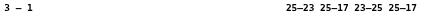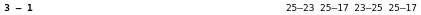 <table width=100% cellspacing=1>
 <tr>
 <th width=20%></th>
 <th width=12%></th>
 <th width=20%></th>
 <th width=33%></th>
 <td></td>
 </tr>
 <tr style=font-size:90%>
 <td align=right><strong></strong></td>
 <td align=center><strong>3 – 1</strong></td>
 <td></td>
-<td><strong>25–23 25–17 23–25 25–17</strong></td>
+<td>25–23 25–17 23–25 25–17</td>
 </tr>
 </table>
